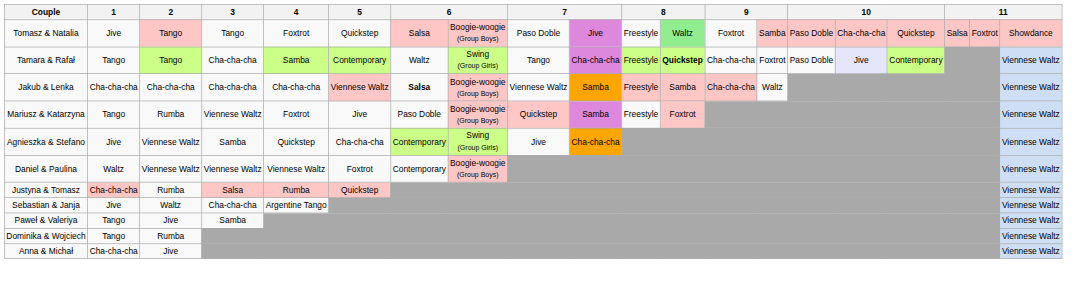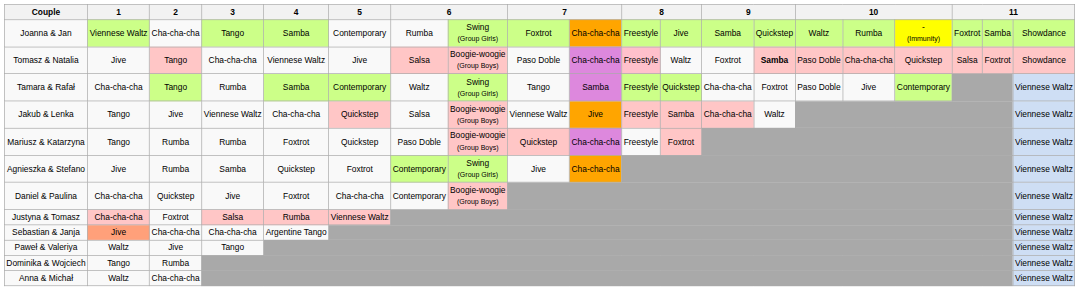 <table class="wikitable" style="text-align:center; font-size:75%; line-height:16px">
 <tr>
 <th>Couple</th>
 <th>1</th>
 <th>2</th>
 <th>3</th>
 <th>4</th>
 <th>5</th>
 <th colspan=2>6</th>
 <th colspan=2>7</th>
 <th colspan=2>8</th>
 <th colspan=2>9</th>
 <th colspan=3>10</th>
 <th colspan=3>11</th>
 </tr>
 <tr>
+<td>Joanna & Jan</td>
+<td style="background:#ccff88">Viennese Waltz</td>
+<td>Cha-cha-cha</td>
+<td style="background:#ccff88">Tango</td>
+<td style="background:#ccff88">Samba</td>
+<td>Contemporary</td>
+<td>Rumba</td>
+<td style="background:#ccff88">Swing<br><small>(Group Girls)</small></td>
+<td style="background:#ccff88">Foxtrot</td>
+<td style="background:orange">Cha-cha-cha</td>
+<td style="background:#ccff88">Freestyle</td>
+<td style="background:#ccff88">Jive</td>
+<td style="background:#ccff88">Samba</td>
+<td style="background:#ccff88">Quickstep</td>
+<td style="background:#ccff88">Waltz</td>
+<td style="background:#ccff88">Rumba</td>
+<td style="background:yellow;">-<br><small>(Immunity)</small></td>
+<td style="background:#ccff88">Foxtrot</td>
+<td style="background:#ccff88">Samba</td>
+<td style="background:#ccff88">Showdance</td>
+</tr>
+<tr>
 <td>Tomasz & Natalia</td>
 <td>Jive</td>
 <td style="background:#ffc6c6">Tango</td>
-<td>Tango</td>
-<td>Foxtrot</td>
-<td>Quickstep</td>
+<td>Cha-cha-cha</td>
+<td>Viennese Waltz</td>
+<td>Jive</td>
 <td style="background:#ffc6c6">Salsa</td>
 <td style="background:#ffc6c6">Boogie-woogie<br><small>(Group Boys)</small></td>
 <td>Paso Doble</td>
-<td style="background:#dd88dd">Jive</td>
-<td>Freestyle</td>
-<td style="background: lightgreen;">Waltz</td>
+<td style="background:#dd88dd">Cha-cha-cha</td>
+<td style="background: pink;">Freestyle</td>
+<td>Waltz</td>
 <td>Foxtrot</td>
-<td style="background:#ffc6c6">Samba</td>
+<td style="background:#ffc6c6"><strong>Samba</strong></td>
 <td style="background:#ffc6c6">Paso Doble</td>
 <td style="background:#ffc6c6">Cha-cha-cha</td>
 <td style="background:#ffc6c6">Quickstep</td>
 <td style="background:#ffc6c6">Salsa</td>
 <td style="background:#ffc6c6">Foxtrot</td>
 <td style="background:#ffc6c6">Showdance</td>
 </tr>
 <tr>
 <td>Tamara & Rafał</td>
-<td>Tango</td>
+<td>Cha-cha-cha</td>
 <td style="background:#ccff88">Tango</td>
-<td>Cha-cha-cha</td>
+<td>Rumba</td>
 <td style="background:#ccff88">Samba</td>
 <td style="background:#ccff88">Contemporary</td>
 <td>Waltz</td>
 <td style="background:#ccff88">Swing<br><small>(Group Girls)</small></td>
 <td>Tango</td>
-<td style="background:#dd88dd">Cha-cha-cha</td>
+<td style="background:#dd88dd">Samba</td>
 <td style="background:#ccff88">Freestyle</td>
-<td style="background:#ccff88"><strong>Quickstep</strong></td>
+<td style="background:#ccff88">Quickstep</td>
 <td>Cha-cha-cha</td>
 <td>Foxtrot</td>
 <td>Paso Doble</td>
-<td style="background: lavender;">Jive</td>
+<td>Jive</td>
 <td style="background:#ccff88">Contemporary</td>
 <td style="background:darkgrey;" colspan="2"></td>
 <td style="background:#CEDEF4">Viennese Waltz</td>
 </tr>
 <tr>
 <td>Jakub & Lenka</td>
+<td>Tango</td>
+<td>Jive</td>
+<td>Viennese Waltz</td>
 <td>Cha-cha-cha</td>
-<td>Cha-cha-cha</td>
-<td>Cha-cha-cha</td>
-<td>Cha-cha-cha</td>
-<td style="background:#ffc6c6">Viennese Waltz</td>
-<td><strong>Salsa</strong></td>
+<td style="background:#ffc6c6">Quickstep</td>
+<td>Salsa</td>
 <td style="background:#ffc6c6">Boogie-woogie<br><small>(Group Boys)</small></td>
 <td>Viennese Waltz</td>
-<td style="background:orange">Samba</td>
+<td style="background:orange">Jive</td>
 <td style="background:#ffc6c6">Freestyle</td>
 <td style="background:#ffc6c6">Samba</td>
 <td style="background:#ffc6c6">Cha-cha-cha</td>
 <td>Waltz</td>
 <td style="background:darkgrey;" colspan="5"></td>
 <td style="background:#CEDEF4">Viennese Waltz</td>
 </tr>
 <tr>
 <td>Mariusz & Katarzyna</td>
 <td>Tango</td>
 <td>Rumba</td>
-<td>Viennese Waltz</td>
+<td>Rumba</td>
 <td>Foxtrot</td>
-<td>Jive</td>
+<td>Quickstep</td>
 <td>Paso Doble</td>
 <td style="background:#ffc6c6">Boogie-woogie<br><small>(Group Boys)</small></td>
 <td style="background:#ffc6c6">Quickstep</td>
-<td style="background:#dd88dd">Samba</td>
+<td style="background:#dd88dd">Cha-cha-cha</td>
 <td>Freestyle</td>
 <td style="background:#ffc6c6">Foxtrot</td>
 <td style="background:darkgrey;" colspan="7"></td>
 <td style="background:#CEDEF4">Viennese Waltz</td>
 </tr>
 <tr>
 <td>Agnieszka & Stefano</td>
 <td>Jive</td>
-<td>Viennese Waltz</td>
+<td>Rumba</td>
 <td>Samba</td>
 <td>Quickstep</td>
-<td>Cha-cha-cha</td>
+<td>Foxtrot</td>
 <td style="background:#ccff88">Contemporary</td>
 <td style="background:#ccff88">Swing<br><small>(Group Girls)</small></td>
 <td>Jive</td>
 <td style="background:orange">Cha-cha-cha</td>
 <td style="background:darkgrey;" colspan="9"></td>
 <td style="background:#CEDEF4">Viennese Waltz</td>
 </tr>
 <tr>
 <td>Daniel & Paulina</td>
-<td>Waltz</td>
-<td>Viennese Waltz</td>
-<td>Viennese Waltz</td>
-<td>Viennese Waltz</td>
+<td>Cha-cha-cha</td>
+<td>Quickstep</td>
+<td>Jive</td>
 <td>Foxtrot</td>
+<td>Cha-cha-cha</td>
 <td>Contemporary</td>
 <td style="background:#ffc6c6">Boogie-woogie<br><small>(Group Boys)</small></td>
 <td style="background:darkgrey;" colspan="11"></td>
 <td style="background:#CEDEF4">Viennese Waltz</td>
 </tr>
 <tr>
 <td>Justyna & Tomasz</td>
 <td style="background:#ffc6c6">Cha-cha-cha</td>
-<td>Rumba</td>
+<td>Foxtrot</td>
 <td style="background:#ffc6c6">Salsa</td>
 <td style="background:#ffc6c6">Rumba</td>
-<td style="background:#ffc6c6">Quickstep</td>
+<td style="background:#ffc6c6">Viennese Waltz</td>
 <td style="background:darkgrey;" colspan="13"></td>
 <td style="background:#CEDEF4">Viennese Waltz</td>
 </tr>
 <tr>
 <td>Sebastian & Janja</td>
-<td>Jive</td>
-<td>Waltz</td>
+<td style="background: lightsalmon;">Jive</td>
+<td>Cha-cha-cha</td>
 <td>Cha-cha-cha</td>
 <td>Argentine Tango</td>
 <td style="background:darkgrey;" colspan="14"></td>
 <td style="background:#CEDEF4">Viennese Waltz</td>
 </tr>
 <tr>
 <td>Paweł & Valeriya</td>
+<td>Waltz</td>
+<td>Jive</td>
 <td>Tango</td>
-<td>Jive</td>
-<td>Samba</td>
 <td style="background:darkgrey;" colspan="15"></td>
 <td style="background:#CEDEF4">Viennese Waltz</td>
 </tr>
 <tr>
 <td>Dominika & Wojciech</td>
 <td>Tango</td>
 <td>Rumba</td>
 <td style="background:darkgrey;" colspan="16"></td>
 <td style="background:#CEDEF4">Viennese Waltz</td>
 </tr>
 <tr>
 <td>Anna & Michał</td>
+<td>Waltz</td>
 <td>Cha-cha-cha</td>
-<td>Jive</td>
 <td style="background:darkgrey;" colspan="16"></td>
 <td style="background:#CEDEF4">Viennese Waltz</td>
 </tr>
 </table>
